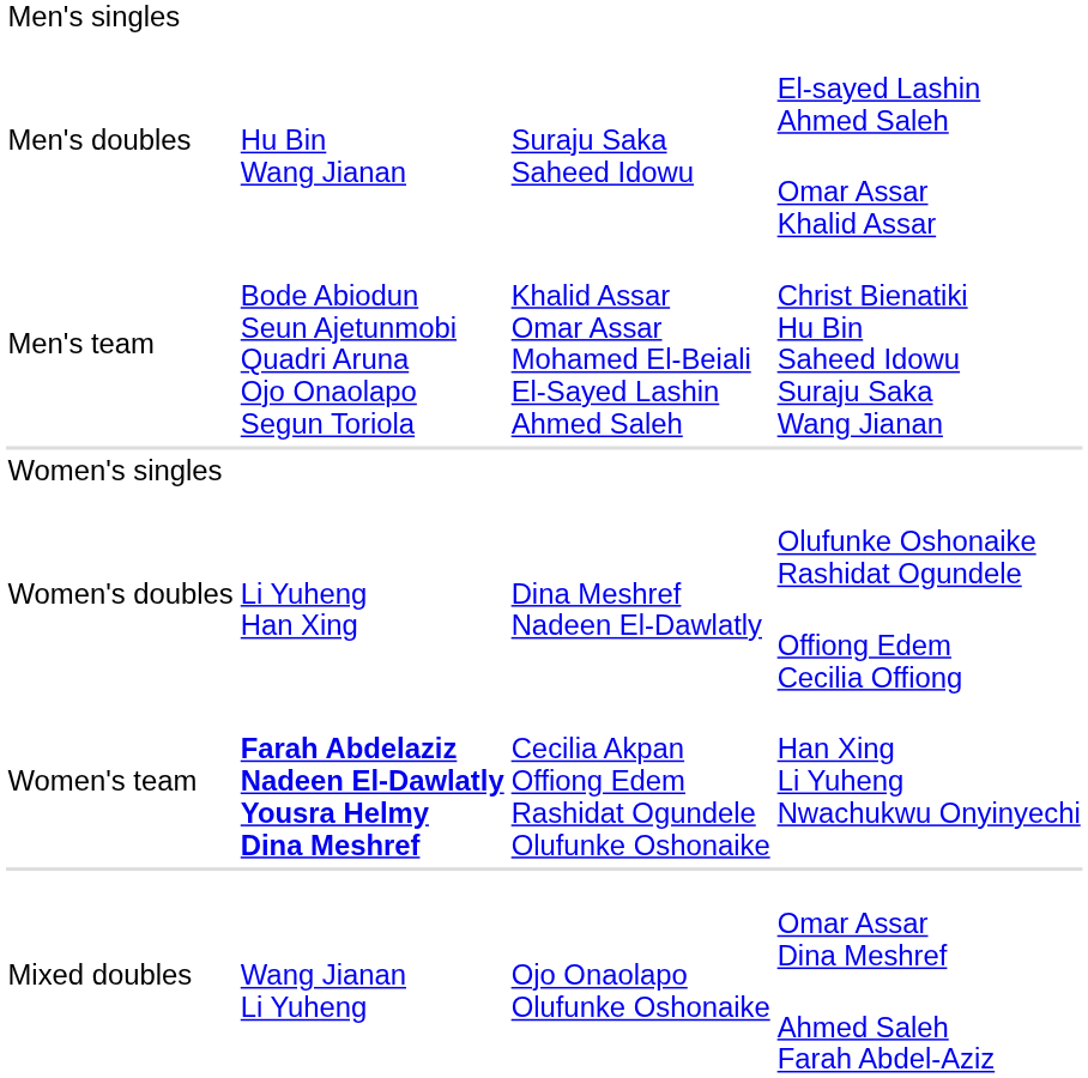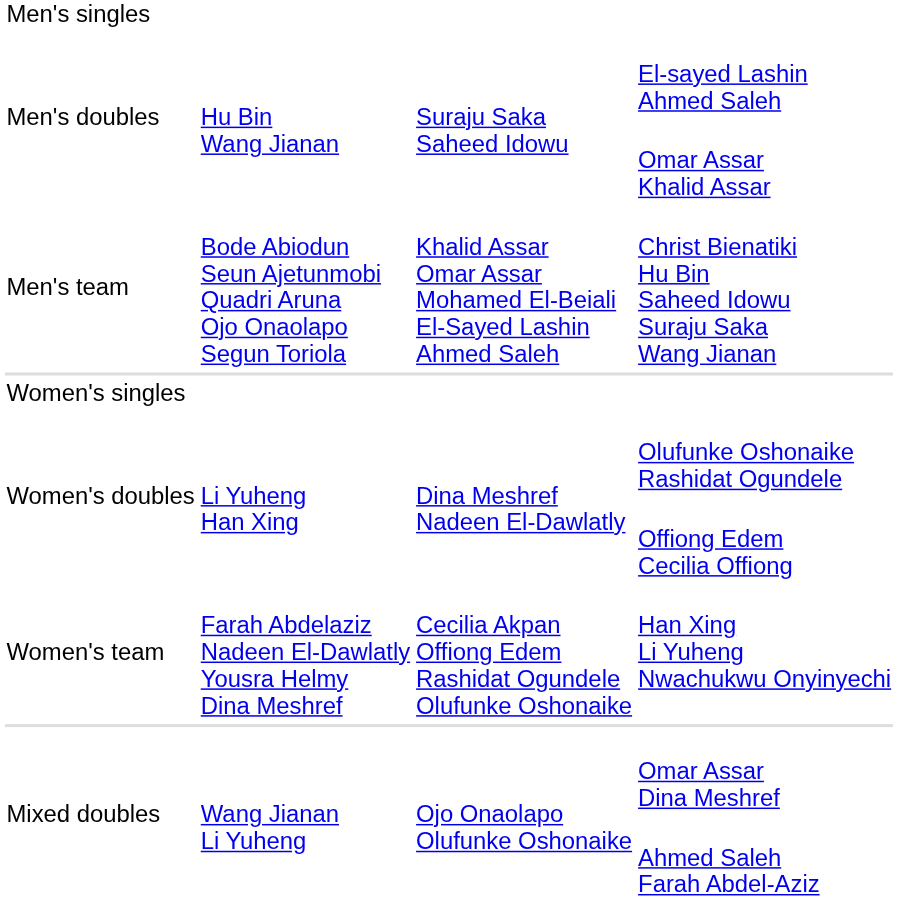 <table>
 <tr>
 <td rowspan=2>Men's singles<br></td>
 <td rowspan=2></td>
 <td rowspan=2></td>
 <td></td>
 </tr>
 <tr>
 <td></td>
 </tr>
 <tr>
 <td rowspan=2>Men's doubles<br></td>
 <td rowspan=2><br><a href='#'>Hu Bin</a><br><a href='#'>Wang Jianan</a></td>
 <td rowspan=2><br><a href='#'>Suraju Saka</a><br><a href='#'>Saheed Idowu</a></td>
 <td><br><a href='#'>El-sayed Lashin</a><br><a href='#'>Ahmed Saleh</a></td>
 </tr>
 <tr>
 <td><br><a href='#'>Omar Assar</a><br><a href='#'>Khalid Assar</a></td>
 </tr>
 <tr>
 <td>Men's team</td>
 <td><br><a href='#'>Bode Abiodun</a><br><a href='#'>Seun Ajetunmobi</a><br><a href='#'>Quadri Aruna</a><br><a href='#'>Ojo Onaolapo</a><br><a href='#'>Segun Toriola</a></td>
 <td><br><a href='#'>Khalid Assar</a><br><a href='#'>Omar Assar</a><br><a href='#'>Mohamed El-Beiali</a><br><a href='#'>El-Sayed Lashin</a><br><a href='#'>Ahmed Saleh</a></td>
 <td><br><a href='#'>Christ Bienatiki</a><br><a href='#'>Hu Bin</a><br><a href='#'>Saheed Idowu</a><br><a href='#'>Suraju Saka</a><br><a href='#'>Wang Jianan</a></td>
 </tr>
 <tr bgcolor=#DDDDDD>
 <td colspan=7></td>
 </tr>
 <tr>
 <td rowspan=2>Women's singles<br></td>
 <td rowspan=2></td>
 <td rowspan=2></td>
 <td></td>
 </tr>
 <tr>
 <td></td>
 </tr>
 <tr>
 <td rowspan=2>Women's doubles<br></td>
 <td rowspan=2><br><a href='#'>Li Yuheng</a><br><a href='#'>Han Xing</a></td>
 <td rowspan=2><br><a href='#'>Dina Meshref</a><br><a href='#'>Nadeen El-Dawlatly</a></td>
 <td><br><a href='#'>Olufunke Oshonaike</a><br><a href='#'>Rashidat Ogundele</a></td>
 </tr>
 <tr>
 <td><br><a href='#'>Offiong Edem</a><br><a href='#'>Cecilia Offiong</a></td>
 </tr>
 <tr>
 <td>Women's team</td>
-<td valign=top><strong><br><a href='#'>Farah Abdelaziz</a><br><a href='#'>Nadeen El-Dawlatly</a><br><a href='#'>Yousra Helmy</a><br><a href='#'>Dina Meshref</a></strong></td>
+<td valign=top><br><a href='#'>Farah Abdelaziz</a><br><a href='#'>Nadeen El-Dawlatly</a><br><a href='#'>Yousra Helmy</a><br><a href='#'>Dina Meshref</a></td>
 <td valign=top><br><a href='#'>Cecilia Akpan</a><br><a href='#'>Offiong Edem</a><br><a href='#'>Rashidat Ogundele</a><br><a href='#'>Olufunke Oshonaike</a></td>
 <td valign=top><br><a href='#'>Han Xing</a><br><a href='#'>Li Yuheng</a><br><a href='#'>Nwachukwu Onyinyechi</a></td>
 </tr>
 <tr bgcolor=#DDDDDD>
 <td colspan=7></td>
 </tr>
 <tr>
 <td rowspan=2>Mixed doubles<br></td>
 <td rowspan=2><br><a href='#'>Wang Jianan</a><br><a href='#'>Li Yuheng</a></td>
 <td rowspan=2><br><a href='#'>Ojo Onaolapo</a><br><a href='#'>Olufunke Oshonaike</a></td>
 <td><br><a href='#'>Omar Assar</a><br><a href='#'>Dina Meshref</a></td>
 </tr>
 <tr>
 <td><br><a href='#'>Ahmed Saleh</a><br><a href='#'>Farah Abdel-Aziz</a></td>
 </tr>
 </table>
